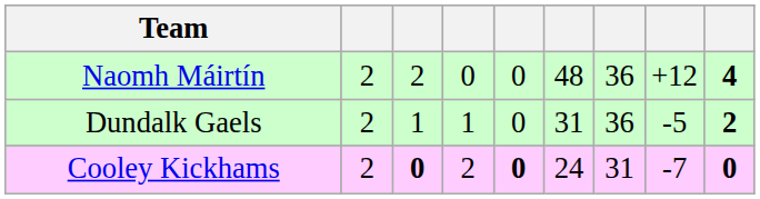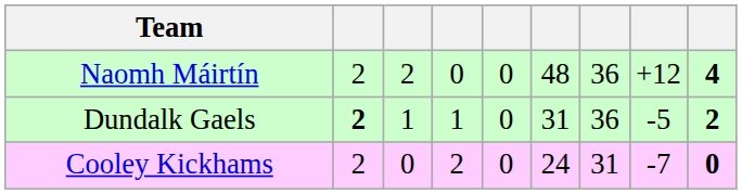 <table class="wikitable" style="text-align:center">
 <tr>
 <th style="width:175px;">Team</th>
 <th width="20"></th>
 <th width="20"></th>
 <th width="20"></th>
 <th width="20"></th>
 <th width="20"></th>
 <th width="20"></th>
 <th width="20"></th>
 <th width="20"></th>
 </tr>
 <tr style="background:#cfc;">
 <td><a href='#'>Naomh Máirtín</a></td>
 <td>2</td>
 <td>2</td>
 <td>0</td>
 <td>0</td>
 <td>48</td>
 <td>36</td>
 <td>+12</td>
 <td><strong>4</strong></td>
 </tr>
 <tr style="background:#cfc;">
 <td>Dundalk Gaels</td>
-<td>2</td>
+<td><strong>2</strong></td>
 <td>1</td>
 <td>1</td>
 <td>0</td>
 <td>31</td>
 <td>36</td>
 <td>-5</td>
 <td><strong>2</strong></td>
 </tr>
 <tr style="background:#fcf;">
 <td><a href='#'>Cooley Kickhams</a></td>
 <td>2</td>
-<td><strong>0</strong></td>
+<td>0</td>
 <td>2</td>
-<td><strong>0</strong></td>
+<td>0</td>
 <td>24</td>
 <td>31</td>
 <td>-7</td>
 <td><strong>0</strong></td>
 </tr>
 </table>
